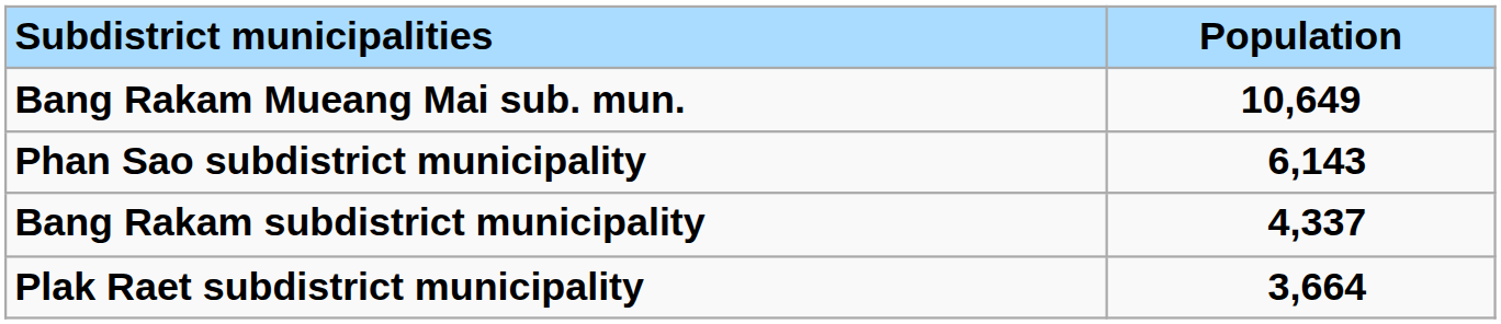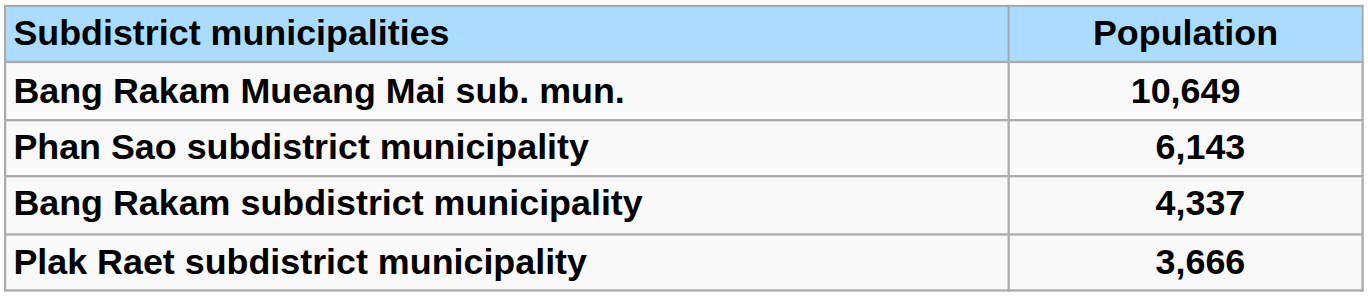 <table class="wikitable" style="width:48%; display:inline-table;">
 <tr>
 <th scope="col" style= "width:74%; background: #aadcff; text-align:left;"><strong>Subdistrict municipalities</strong></th>
 <th scope="col" style= "width:26%; background: #aadcff; text-align:center;"><strong>Population</strong></th>
 </tr>
 <tr>
 <td><strong>Bang Rakam Mueang Mai sub. mun.</strong></td>
 <td style="text-align:center;"><strong>10,649</strong></td>
 </tr>
 <tr>
 <td><strong>Phan Sao subdistrict municipality</strong></td>
 <td style="text-align:center;">   <strong>6,143</strong></td>
 </tr>
 <tr>
 <td><strong>Bang Rakam subdistrict municipality</strong></td>
 <td style="text-align:center;">   <strong>4,337</strong></td>
 </tr>
 <tr>
 <td><strong>Plak Raet subdistrict municipality</strong></td>
-<td style="text-align:center;">   <strong>3,664</strong></td>
+<td style="text-align:center;">   <strong>3,666</strong></td>
 </tr>
 </table>
